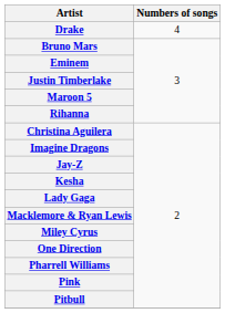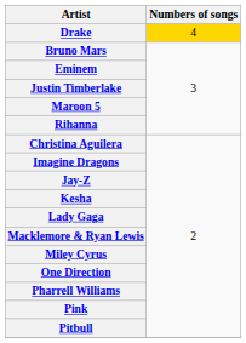 <table class="wikitable sortable plainrowheaders" style="text-align:center;">
 <tr>
 <th scope="col">Artist</th>
 <th scope="col">Numbers of songs</th>
 </tr>
 <tr>
 <th scope="row"><a href='#'>Drake</a></th>
-<td>4</td>
+<td style="background: gold;">4</td>
 </tr>
 <tr>
 <th scope="row"><a href='#'>Bruno Mars</a></th>
 <td rowspan="5">3</td>
 </tr>
 <tr>
 <th scope="row"><a href='#'>Eminem</a></th>
 </tr>
 <tr>
 <th scope="row"><a href='#'>Justin Timberlake</a></th>
 </tr>
 <tr>
 <th scope="row"><a href='#'>Maroon 5</a></th>
 </tr>
 <tr>
 <th scope="row"><a href='#'>Rihanna</a></th>
 </tr>
 <tr>
 <th scope="row"><a href='#'>Christina Aguilera</a></th>
 <td rowspan="11">2</td>
 </tr>
 <tr>
 <th scope="row"><a href='#'>Imagine Dragons</a></th>
 </tr>
 <tr>
 <th scope="row"><a href='#'>Jay-Z</a></th>
 </tr>
 <tr>
 <th scope="row"><a href='#'>Kesha</a></th>
 </tr>
 <tr>
 <th scope="row"><a href='#'>Lady Gaga</a></th>
 </tr>
 <tr>
 <th scope="row"><a href='#'>Macklemore & Ryan Lewis</a></th>
 </tr>
 <tr>
 <th scope="row"><a href='#'>Miley Cyrus</a></th>
 </tr>
 <tr>
 <th scope="row"><a href='#'>One Direction</a></th>
 </tr>
 <tr>
 <th scope="row"><a href='#'>Pharrell Williams</a></th>
 </tr>
 <tr>
 <th scope="row"><a href='#'>Pink</a></th>
 </tr>
 <tr>
 <th scope="row"><a href='#'>Pitbull</a></th>
 </tr>
 <tr>
 </tr>
 </table>
